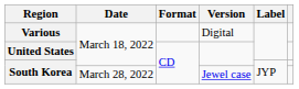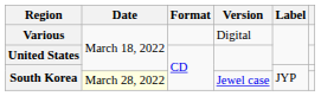 <table class="wikitable plainrowheaders">
 <tr>
 <th scope="col">Region</th>
 <th scope="col">Date</th>
 <th scope="col">Format</th>
 <th scope="col">Version</th>
 <th scope="col">Label</th>
 <th scope="col"></th>
 </tr>
 <tr>
 <th scope="row">Various</th>
 <td rowspan="3">March 18, 2022</td>
 <td></td>
 <td>Digital</td>
 <td rowspan="2"></td>
 <td style="text-align:center"></td>
 </tr>
 <tr>
 <th scope="row">United States</th>
 <td rowspan="3"><a href='#'>CD</a></td>
 <td rowspan="2"></td>
 <td style="text-align:center;"></td>
 </tr>
 <tr>
 <th scope="row" rowspan="2">South Korea</th>
 <td rowspan="2">JYP</td>
 <td style="text-align:center;"></td>
 </tr>
 <tr>
-<td>March 28, 2022</td>
+<td style="background: lightyellow;">March 28, 2022</td>
 <td><a href='#'>Jewel case</a></td>
 <td style="text-align:center;"></td>
 </tr>
 </table>
